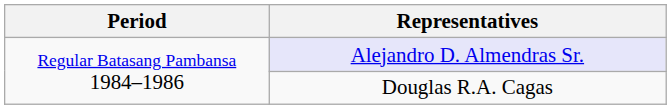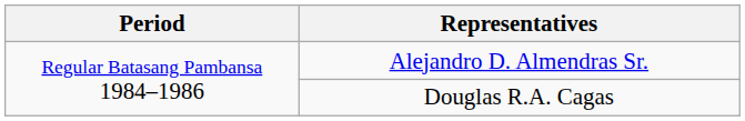 <table class="wikitable" style="text-align:center; width:40%;">
 <tr>
 <th width="40%">Period</th>
 <th>Representatives</th>
 </tr>
 <tr>
 <td rowspan="2"><small><a href='#'>Regular Batasang Pambansa</a></small><br>1984–1986</td>
-<td style="background: lavender;"><a href='#'>Alejandro D. Almendras Sr.</a></td>
+<td><a href='#'>Alejandro D. Almendras Sr.</a></td>
 </tr>
 <tr>
 <td>Douglas R.A. Cagas</td>
 </tr>
 </table>
